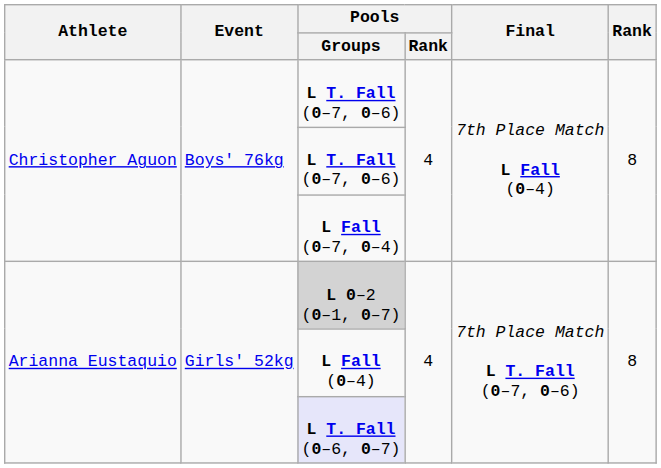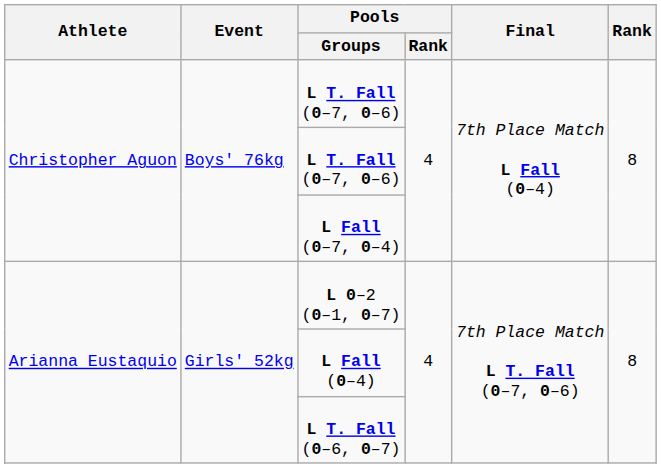 <table class="wikitable" style="text-align:left; font-size:90%">
 <tr>
 <th rowspan="2">Athlete</th>
 <th rowspan="2">Event</th>
 <th colspan="2">Pools</th>
 <th rowspan="2">Final</th>
 <th rowspan="2">Rank</th>
 </tr>
 <tr>
 <th>Groups</th>
 <th>Rank</th>
 </tr>
 <tr>
 <td rowspan="3"><a href='#'>Christopher Aguon</a></td>
 <td rowspan="3"><a href='#'>Boys' 76kg</a></td>
 <td align=center><br><strong>L</strong> <strong><a href='#'>T. Fall</a></strong><br>(<strong>0</strong>–7, <strong>0</strong>–6)</td>
 <td rowspan="3" align=center>4</td>
 <td align=center rowspan=3><em>7th Place Match</em><br><br><strong>L</strong> <strong><a href='#'>Fall</a></strong><br>(<strong>0</strong>–4)</td>
 <td rowspan="3" align="center">8</td>
 </tr>
 <tr>
 <td align=center><br><strong>L</strong> <strong><a href='#'>T. Fall</a></strong><br>(<strong>0</strong>–7, <strong>0</strong>–6)</td>
 </tr>
 <tr>
 <td align=center><br><strong>L</strong> <strong><a href='#'>Fall</a></strong><br>(<strong>0</strong>–7, <strong>0</strong>–4)</td>
 </tr>
 <tr>
 <td rowspan="3"><a href='#'>Arianna Eustaquio</a></td>
 <td rowspan="3"><a href='#'>Girls' 52kg</a></td>
-<td align=center style="background: lightgrey;"><br><strong>L</strong> <strong>0</strong>–2<br>(<strong>0</strong>–1, <strong>0</strong>–7)</td>
+<td align=center><br><strong>L</strong> <strong>0</strong>–2<br>(<strong>0</strong>–1, <strong>0</strong>–7)</td>
 <td rowspan="3" align=center>4</td>
 <td align=center rowspan=3><em>7th Place Match</em><br><br><strong>L</strong> <strong><a href='#'>T. Fall</a></strong><br>(<strong>0</strong>–7, <strong>0</strong>–6)</td>
 <td rowspan="3" align="center">8</td>
 </tr>
 <tr>
 <td align=center><br><strong>L</strong> <strong><a href='#'>Fall</a></strong><br>(<strong>0</strong>–4)</td>
 </tr>
 <tr>
-<td align=center style="background: lavender;"><br><strong>L</strong> <strong><a href='#'>T. Fall</a></strong><br>(<strong>0</strong>–6, <strong>0</strong>–7)</td>
+<td align=center><br><strong>L</strong> <strong><a href='#'>T. Fall</a></strong><br>(<strong>0</strong>–6, <strong>0</strong>–7)</td>
 </tr>
 </table>
